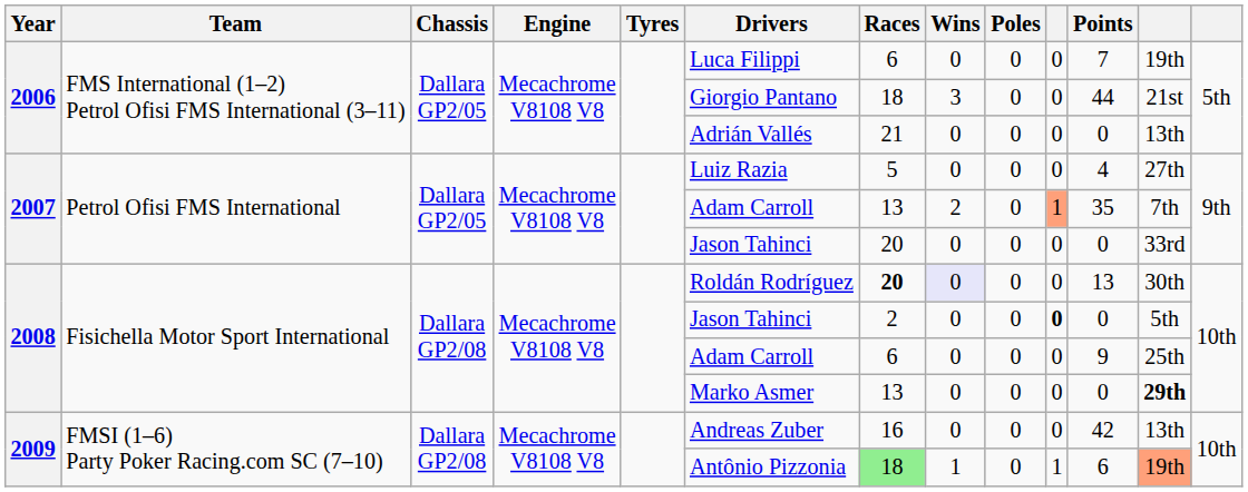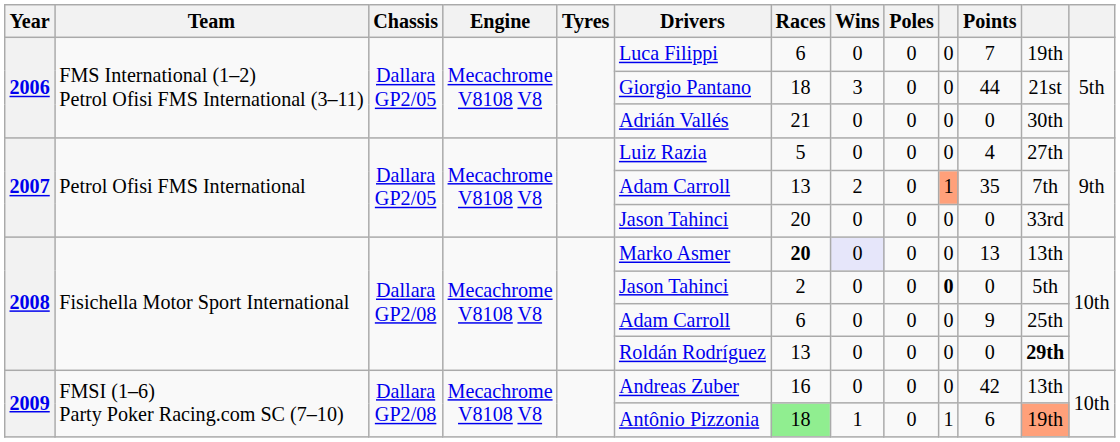 <table class="wikitable" style="text-align:center; font-size:85%">
 <tr>
 <th>Year</th>
 <th>Team</th>
 <th>Chassis</th>
 <th>Engine</th>
 <th>Tyres</th>
 <th>Drivers</th>
 <th>Races</th>
 <th>Wins</th>
 <th>Poles</th>
 <th></th>
 <th>Points</th>
 <th></th>
 <th></th>
 </tr>
 <tr>
 <th rowspan="3"><a href='#'>2006</a></th>
 <td rowspan="3" align="left"> FMS International (1–2)<br> Petrol Ofisi FMS International (3–11)</td>
 <td rowspan=3><a href='#'>Dallara</a><br><a href='#'>GP2/05</a></td>
 <td rowspan=3><a href='#'>Mecachrome</a><br><a href='#'>V8108</a> <a href='#'>V8</a></td>
 <td rowspan=3></td>
 <td align="left"> <a href='#'>Luca Filippi</a></td>
 <td>6</td>
 <td>0</td>
 <td>0</td>
 <td>0</td>
 <td>7</td>
 <td>19th</td>
 <td rowspan="3">5th</td>
 </tr>
 <tr>
 <td align="left"> <a href='#'>Giorgio Pantano</a></td>
 <td>18</td>
 <td>3</td>
 <td>0</td>
 <td>0</td>
 <td>44</td>
 <td>21st</td>
 </tr>
 <tr>
 <td align="left"> <a href='#'>Adrián Vallés</a></td>
 <td>21</td>
 <td>0</td>
 <td>0</td>
 <td>0</td>
 <td>0</td>
-<td>13th</td>
+<td>30th</td>
 </tr>
 <tr>
 <th rowspan="3"><a href='#'>2007</a></th>
 <td rowspan="3" align="left"> Petrol Ofisi FMS International</td>
 <td rowspan=3><a href='#'>Dallara</a><br><a href='#'>GP2/05</a></td>
 <td rowspan=3><a href='#'>Mecachrome</a><br><a href='#'>V8108</a> <a href='#'>V8</a></td>
 <td rowspan=3></td>
 <td align="left"> <a href='#'>Luiz Razia</a></td>
 <td>5</td>
 <td>0</td>
 <td>0</td>
 <td>0</td>
 <td>4</td>
 <td>27th</td>
 <td rowspan="3">9th</td>
 </tr>
 <tr>
 <td align="left"> <a href='#'>Adam Carroll</a></td>
 <td>13</td>
 <td>2</td>
 <td>0</td>
 <td style="background: lightsalmon;">1</td>
 <td>35</td>
 <td>7th</td>
 </tr>
 <tr>
 <td align="left"> <a href='#'>Jason Tahinci</a></td>
 <td>20</td>
 <td>0</td>
 <td>0</td>
 <td>0</td>
 <td>0</td>
 <td>33rd</td>
 </tr>
 <tr>
 <th rowspan="4"><a href='#'>2008</a></th>
 <td rowspan="4" align="left"> Fisichella Motor Sport International</td>
 <td rowspan=4><a href='#'>Dallara</a><br><a href='#'>GP2/08</a></td>
 <td rowspan=4><a href='#'>Mecachrome</a><br><a href='#'>V8108</a> <a href='#'>V8</a></td>
 <td rowspan=4></td>
-<td align="left"> <a href='#'>Roldán Rodríguez</a></td>
+<td align="left"> <a href='#'>Marko Asmer</a></td>
 <td><strong>20</strong></td>
 <td style="background: lavender;">0</td>
 <td>0</td>
 <td>0</td>
 <td>13</td>
-<td>30th</td>
+<td>13th</td>
 <td rowspan="4">10th</td>
 </tr>
 <tr>
 <td align="left"> <a href='#'>Jason Tahinci</a></td>
 <td>2</td>
 <td>0</td>
 <td>0</td>
 <td><strong>0</strong></td>
 <td>0</td>
 <td>5th</td>
 </tr>
 <tr>
 <td align="left"> <a href='#'>Adam Carroll</a></td>
 <td>6</td>
 <td>0</td>
 <td>0</td>
 <td>0</td>
 <td>9</td>
 <td>25th</td>
 </tr>
 <tr>
-<td align="left"> <a href='#'>Marko Asmer</a></td>
+<td align="left"> <a href='#'>Roldán Rodríguez</a></td>
 <td>13</td>
 <td>0</td>
 <td>0</td>
 <td>0</td>
 <td>0</td>
 <td><strong>29th</strong></td>
 </tr>
 <tr>
 <th rowspan="2"><a href='#'>2009</a></th>
 <td rowspan="2" align="left"> FMSI (1–6)<br> Party Poker Racing.com SC (7–10)</td>
 <td rowspan=2><a href='#'>Dallara</a><br><a href='#'>GP2/08</a></td>
 <td rowspan=2><a href='#'>Mecachrome</a><br><a href='#'>V8108</a> <a href='#'>V8</a></td>
 <td rowspan=2></td>
 <td align="left"> <a href='#'>Andreas Zuber</a></td>
 <td>16</td>
 <td>0</td>
 <td>0</td>
 <td>0</td>
 <td>42</td>
 <td>13th</td>
 <td rowspan="2">10th</td>
 </tr>
 <tr>
 <td align="left"> <a href='#'>Antônio Pizzonia</a></td>
 <td style="background: lightgreen;">18</td>
 <td>1</td>
 <td>0</td>
 <td>1</td>
 <td>6</td>
 <td style="background: lightsalmon;">19th</td>
 </tr>
 </table>
